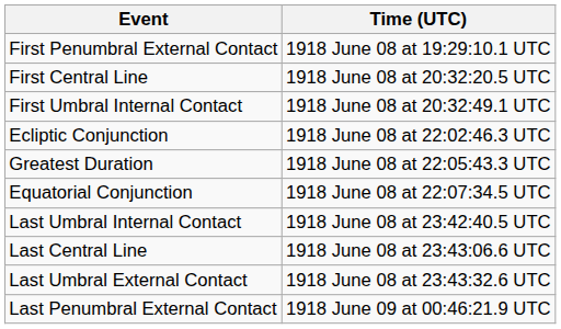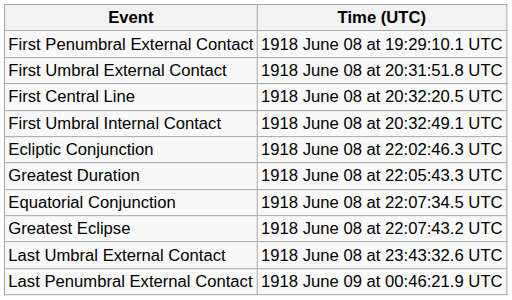 <table class="wikitable">
 <tr>
 <th>Event</th>
 <th>Time (UTC)</th>
 </tr>
 <tr>
 <td>First Penumbral External Contact</td>
 <td>1918 June 08 at 19:29:10.1 UTC</td>
+</tr>
+<tr>
+<td>First Umbral External Contact</td>
+<td>1918 June 08 at 20:31:51.8 UTC</td>
 </tr>
 <tr>
 <td>First Central Line</td>
 <td>1918 June 08 at 20:32:20.5 UTC</td>
 </tr>
 <tr>
 <td>First Umbral Internal Contact</td>
 <td>1918 June 08 at 20:32:49.1 UTC</td>
 </tr>
 <tr>
 <td>Ecliptic Conjunction</td>
 <td>1918 June 08 at 22:02:46.3 UTC</td>
 </tr>
 <tr>
 <td>Greatest Duration</td>
 <td>1918 June 08 at 22:05:43.3 UTC</td>
 </tr>
 <tr>
 <td>Equatorial Conjunction</td>
 <td>1918 June 08 at 22:07:34.5 UTC</td>
 </tr>
 <tr>
-<td>Last Umbral Internal Contact</td>
-<td>1918 June 08 at 23:42:40.5 UTC</td>
-</tr>
-<tr>
-<td>Last Central Line</td>
-<td>1918 June 08 at 23:43:06.6 UTC</td>
+<td>Greatest Eclipse</td>
+<td>1918 June 08 at 22:07:43.2 UTC</td>
 </tr>
 <tr>
 <td>Last Umbral External Contact</td>
 <td>1918 June 08 at 23:43:32.6 UTC</td>
 </tr>
 <tr>
 <td>Last Penumbral External Contact</td>
 <td>1918 June 09 at 00:46:21.9 UTC</td>
 </tr>
 </table>
